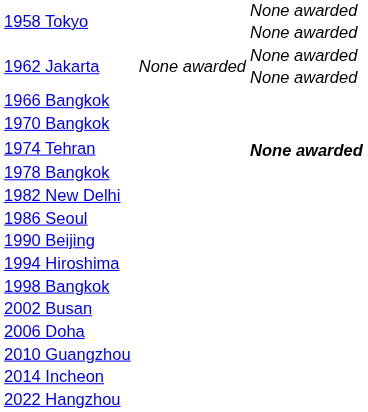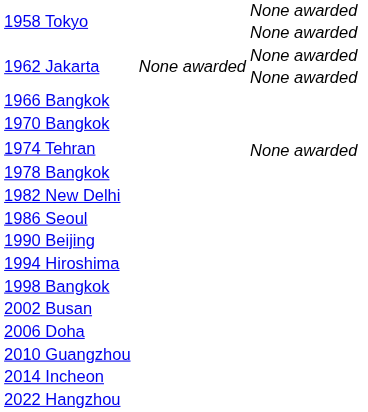 <table>
 <tr>
 <td rowspan=2><a href='#'>1958 Tokyo</a></td>
 <td rowspan=2></td>
 <td rowspan=2></td>
 <td><em>None awarded</em></td>
 </tr>
 <tr>
 <td><em>None awarded</em></td>
 </tr>
 <tr>
 <td rowspan=2><a href='#'>1962 Jakarta</a></td>
 <td rowspan=2></td>
 <td rowspan=2><em>None awarded</em></td>
 <td><em>None awarded</em></td>
 </tr>
 <tr>
 <td><em>None awarded</em></td>
 </tr>
 <tr>
 <td rowspan=2><a href='#'>1966 Bangkok</a></td>
 <td rowspan=2></td>
 <td rowspan=2></td>
 <td></td>
 </tr>
 <tr>
 <td></td>
 </tr>
 <tr>
 <td rowspan=2><a href='#'>1970 Bangkok</a></td>
 <td rowspan=2></td>
 <td rowspan=2></td>
 <td></td>
 </tr>
 <tr>
 <td></td>
 </tr>
 <tr>
 <td rowspan=2><a href='#'>1974 Tehran</a></td>
 <td rowspan=2></td>
 <td rowspan=2></td>
 <td></td>
 </tr>
 <tr>
-<td><strong><em>None awarded</em></strong></td>
+<td><em>None awarded</em></td>
 </tr>
 <tr>
 <td rowspan=2><a href='#'>1978 Bangkok</a></td>
 <td rowspan=2></td>
 <td rowspan=2></td>
 <td></td>
 </tr>
 <tr>
 <td></td>
 </tr>
 <tr>
 <td rowspan=2><a href='#'>1982 New Delhi</a></td>
 <td rowspan=2></td>
 <td rowspan=2></td>
 <td></td>
 </tr>
 <tr>
 <td></td>
 </tr>
 <tr>
 <td rowspan=2><a href='#'>1986 Seoul</a></td>
 <td rowspan=2></td>
 <td rowspan=2></td>
 <td></td>
 </tr>
 <tr>
 <td></td>
 </tr>
 <tr>
 <td rowspan=2><a href='#'>1990 Beijing</a></td>
 <td rowspan=2></td>
 <td rowspan=2></td>
 <td></td>
 </tr>
 <tr>
 <td></td>
 </tr>
 <tr>
 <td rowspan=2><a href='#'>1994 Hiroshima</a></td>
 <td rowspan=2></td>
 <td rowspan=2></td>
 <td></td>
 </tr>
 <tr>
 <td></td>
 </tr>
 <tr>
 <td rowspan=2><a href='#'>1998 Bangkok</a></td>
 <td rowspan=2></td>
 <td rowspan=2></td>
 <td></td>
 </tr>
 <tr>
 <td></td>
 </tr>
 <tr>
 <td rowspan=2><a href='#'>2002 Busan</a></td>
 <td rowspan=2></td>
 <td rowspan=2></td>
 <td></td>
 </tr>
 <tr>
 <td></td>
 </tr>
 <tr>
 <td rowspan=2><a href='#'>2006 Doha</a></td>
 <td rowspan=2></td>
 <td rowspan=2></td>
 <td></td>
 </tr>
 <tr>
 <td></td>
 </tr>
 <tr>
 <td rowspan=2><a href='#'>2010 Guangzhou</a></td>
 <td rowspan=2></td>
 <td rowspan=2></td>
 <td></td>
 </tr>
 <tr>
 <td></td>
 </tr>
 <tr>
 <td rowspan=2><a href='#'>2014 Incheon</a></td>
 <td rowspan=2></td>
 <td rowspan=2></td>
 <td></td>
 </tr>
 <tr>
 <td></td>
 </tr>
 <tr>
 <td rowspan=2><a href='#'>2022 Hangzhou</a></td>
 <td rowspan=2></td>
 <td rowspan=2></td>
 <td></td>
 </tr>
 <tr>
 <td></td>
 </tr>
 </table>
